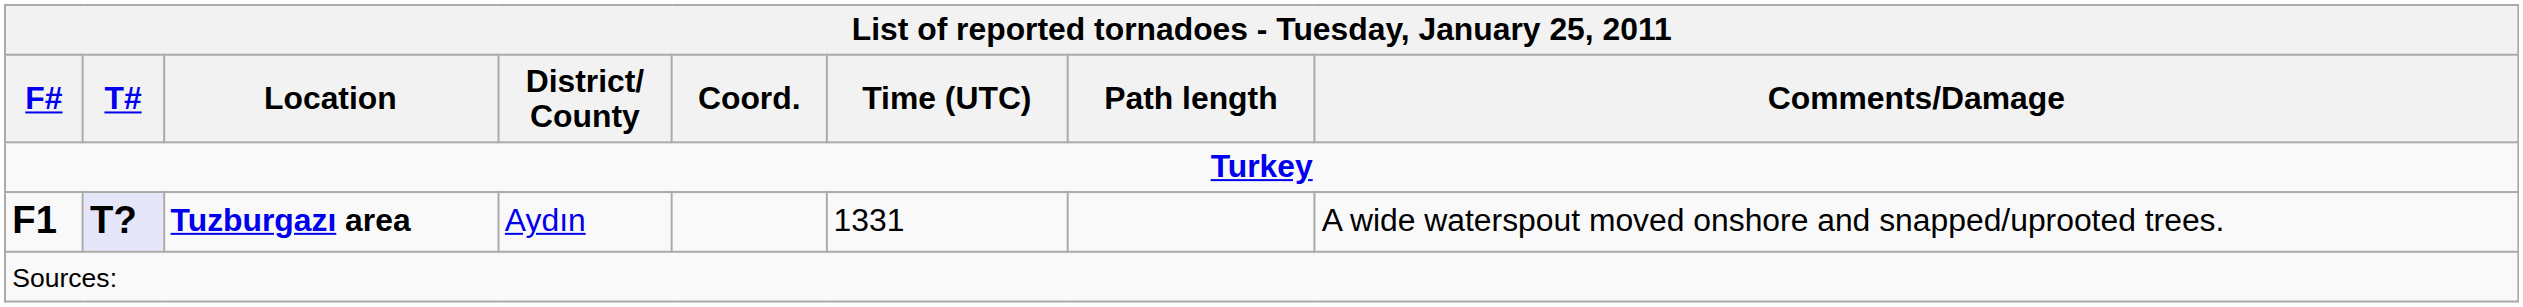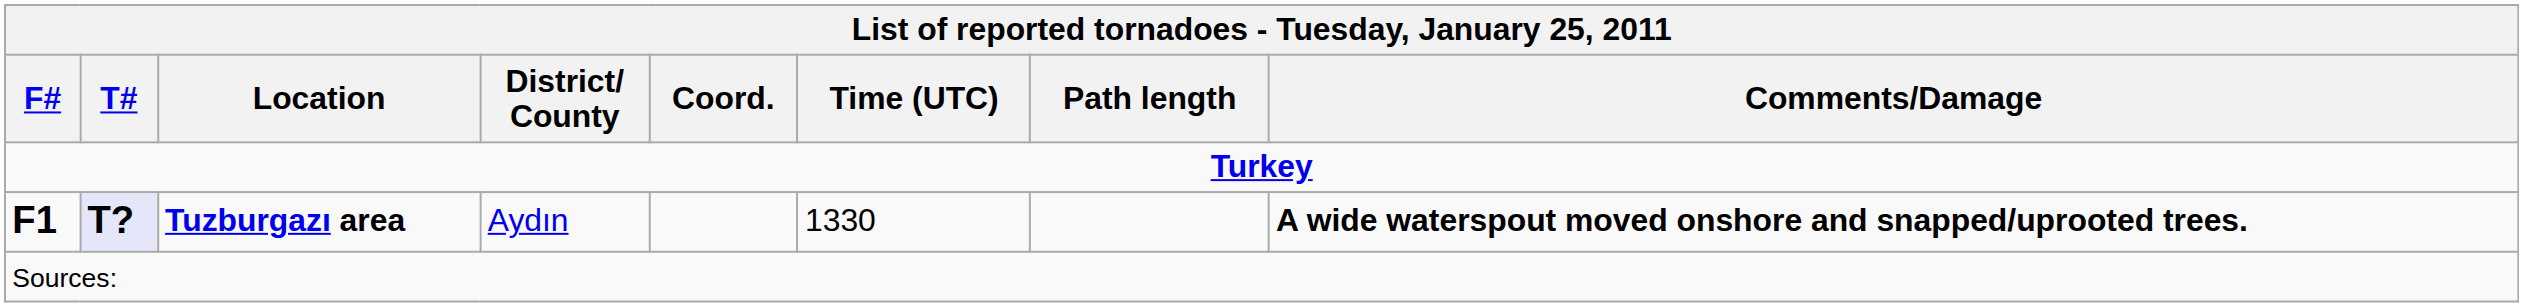 <table class="wikitable collapsible" width="100%">
 <tr>
 <th colspan="8">List of reported tornadoes - Tuesday, January 25, 2011</th>
 </tr>
 <tr>
 <th><a href='#'>F#</a></th>
 <th><a href='#'>T#</a></th>
 <th>Location</th>
 <th>District/<br>County</th>
 <th>Coord.</th>
 <th>Time (UTC)</th>
 <th>Path length</th>
 <th>Comments/Damage</th>
 </tr>
 <tr>
 <td colspan="8" align=center><strong><a href='#'>Turkey</a></strong></td>
 </tr>
 <tr>
 <td><big><strong>F1</strong></big></td>
 <td style="background: lavender;"><big><strong>T?</strong></big></td>
 <td><strong><a href='#'>Tuzburgazı</a> area</strong></td>
 <td><a href='#'>Aydın</a></td>
 <td></td>
-<td>1331</td>
+<td>1330</td>
 <td></td>
-<td>A  wide waterspout moved onshore and snapped/uprooted trees.</td>
+<td><strong>A  wide waterspout moved onshore and snapped/uprooted trees.</strong></td>
 </tr>
 <tr>
 <td colspan="8"><small>Sources:  </small></td>
 </tr>
 </table>
